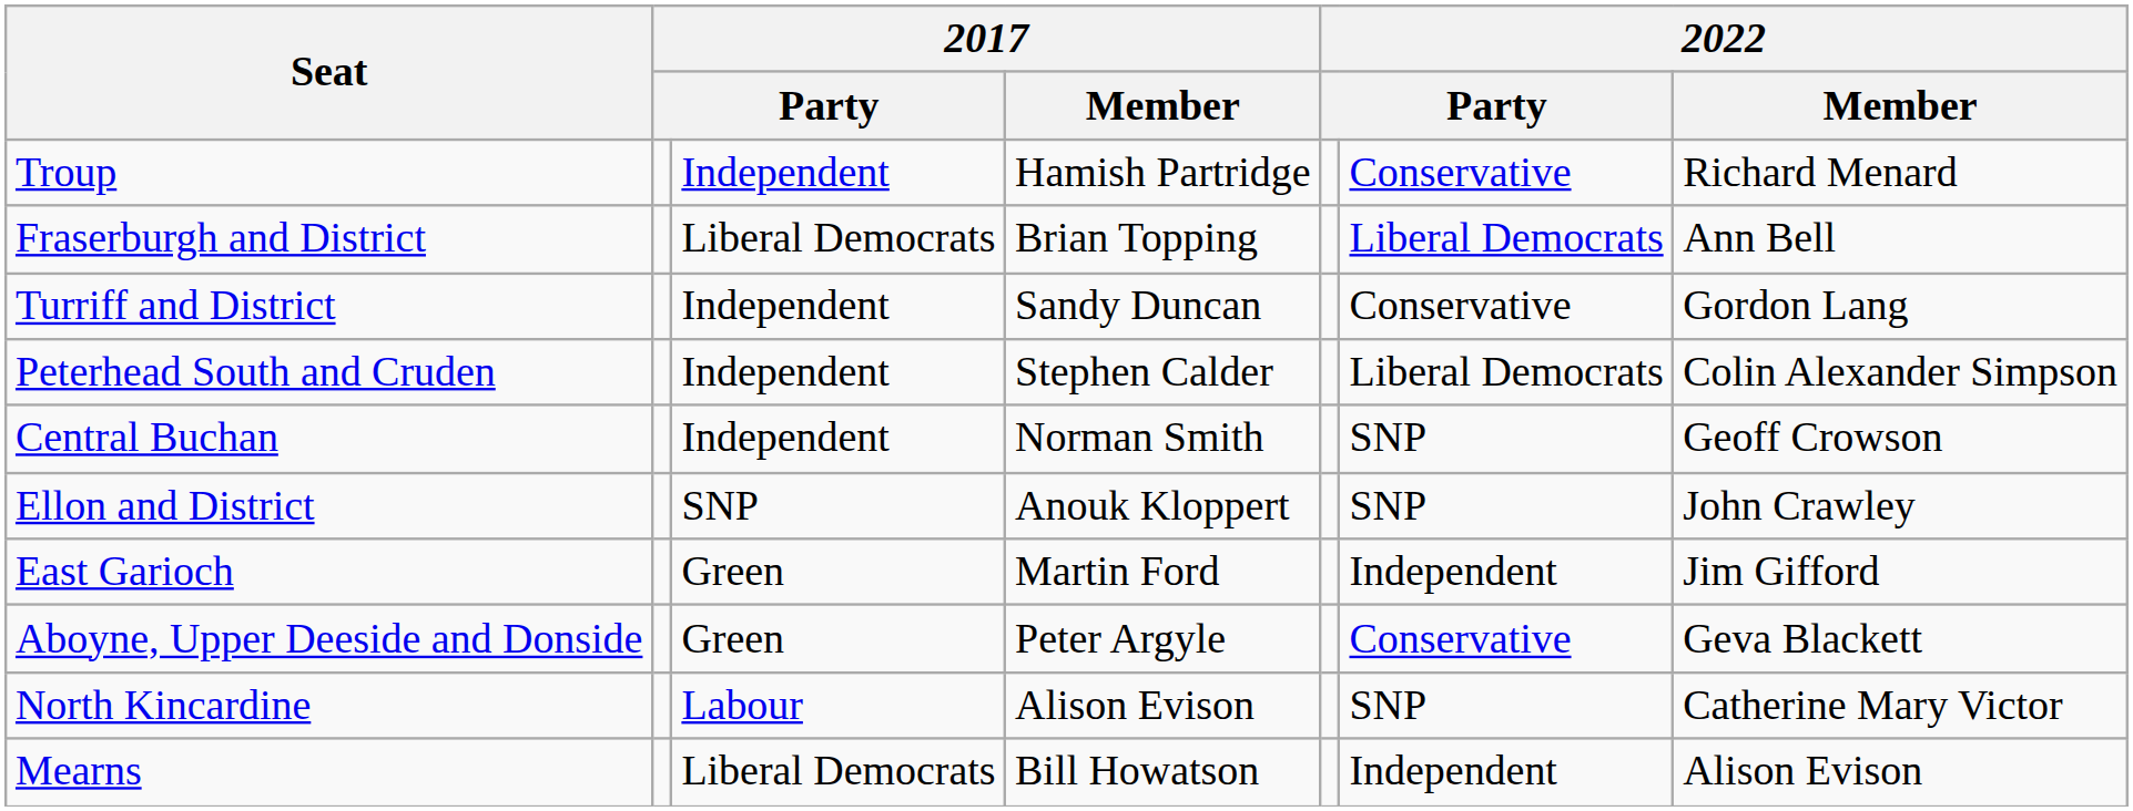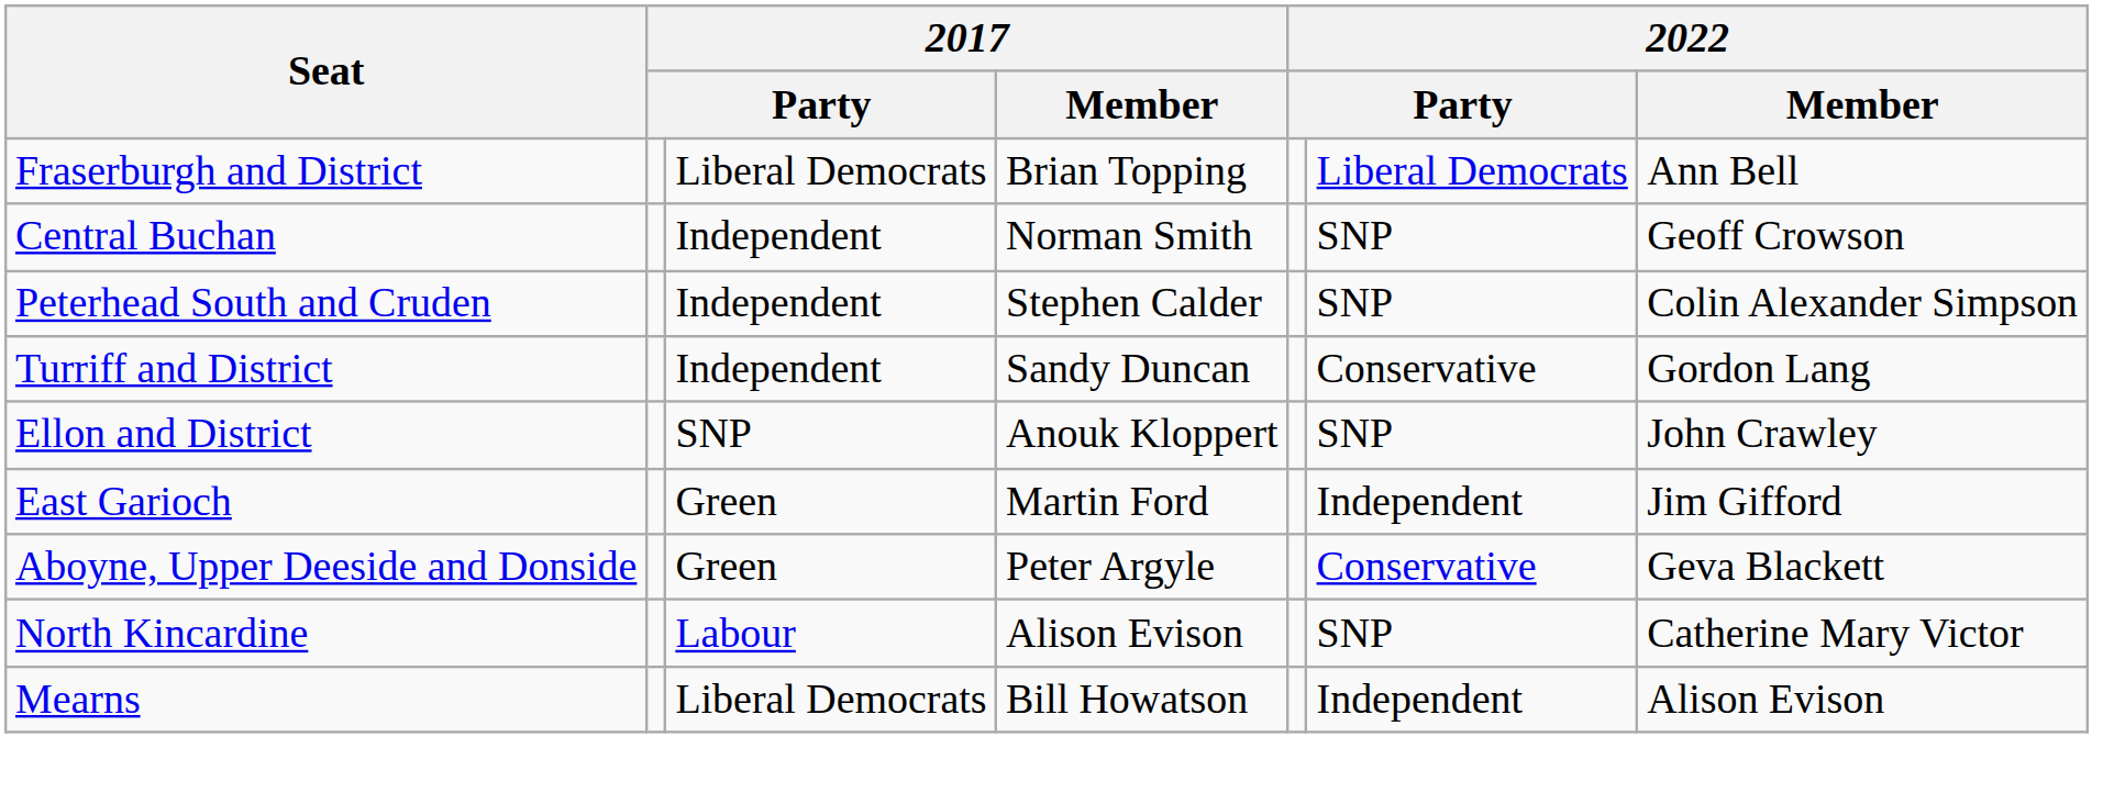 <table class="wikitable">
 <tr>
 <th scope="col" rowspan="2" style="text-align:center">Seat</th>
 <th scope="col" colspan="3" style="text-align:center"><em>2017</em></th>
 <th scope="col" colspan="3" style="text-align:center"><em>2022</em></th>
 </tr>
 <tr>
 <th colspan="2" style="text-align:center">Party</th>
 <th style="text-align:center">Member</th>
 <th colspan="2" style="text-align:center">Party</th>
 <th style="text-align:center">Member</th>
 </tr>
 <tr>
-<td scope="row"><a href='#'>Troup</a></td>
-<td></td>
-<td><a href='#'>Independent</a></td>
-<td>Hamish Partridge</td>
-<td></td>
-<td><a href='#'>Conservative</a></td>
-<td>Richard Menard</td>
-</tr>
-<tr>
 <td scope="row"><a href='#'>Fraserburgh and District</a></td>
 <td></td>
 <td>Liberal Democrats</td>
 <td>Brian Topping</td>
 <td></td>
 <td><a href='#'>Liberal Democrats</a></td>
 <td>Ann Bell</td>
 </tr>
 <tr>
+<td scope="row"><a href='#'>Central Buchan</a></td>
+<td></td>
+<td>Independent</td>
+<td>Norman Smith</td>
+<td></td>
+<td>SNP</td>
+<td>Geoff Crowson</td>
+</tr>
+<tr>
+<td scope="row"><a href='#'>Peterhead South and Cruden</a></td>
+<td></td>
+<td>Independent</td>
+<td>Stephen Calder</td>
+<td></td>
+<td>SNP</td>
+<td>Colin Alexander Simpson</td>
+</tr>
+<tr>
 <td scope="row"><a href='#'>Turriff and District</a></td>
 <td></td>
 <td>Independent</td>
 <td>Sandy Duncan</td>
 <td></td>
 <td>Conservative</td>
 <td>Gordon Lang</td>
-</tr>
-<tr>
-<td scope="row"><a href='#'>Peterhead South and Cruden</a></td>
-<td></td>
-<td>Independent</td>
-<td>Stephen Calder</td>
-<td></td>
-<td>Liberal Democrats</td>
-<td>Colin Alexander Simpson</td>
-</tr>
-<tr>
-<td scope="row"><a href='#'>Central Buchan</a></td>
-<td></td>
-<td>Independent</td>
-<td>Norman Smith</td>
-<td></td>
-<td>SNP</td>
-<td>Geoff Crowson</td>
 </tr>
 <tr>
 <td scope="row"><a href='#'>Ellon and District</a></td>
 <td></td>
 <td>SNP</td>
 <td>Anouk Kloppert</td>
 <td></td>
 <td>SNP</td>
 <td>John Crawley</td>
 </tr>
 <tr>
 <td scope="row"><a href='#'>East Garioch</a></td>
 <td></td>
 <td>Green</td>
 <td>Martin Ford</td>
 <td></td>
 <td>Independent</td>
 <td>Jim Gifford</td>
 </tr>
 <tr>
 <td scope="row"><a href='#'>Aboyne, Upper Deeside and Donside</a></td>
 <td></td>
 <td>Green</td>
 <td>Peter Argyle</td>
 <td></td>
 <td><a href='#'>Conservative</a></td>
 <td>Geva Blackett</td>
 </tr>
 <tr>
 <td scope="row"><a href='#'>North Kincardine</a></td>
 <td></td>
 <td><a href='#'>Labour</a></td>
 <td>Alison Evison</td>
 <td></td>
 <td>SNP</td>
 <td>Catherine Mary Victor</td>
 </tr>
 <tr>
 <td scope="row"><a href='#'>Mearns</a></td>
 <td></td>
 <td>Liberal Democrats</td>
 <td>Bill Howatson</td>
 <td></td>
 <td>Independent</td>
 <td>Alison Evison</td>
 </tr>
 </table>
